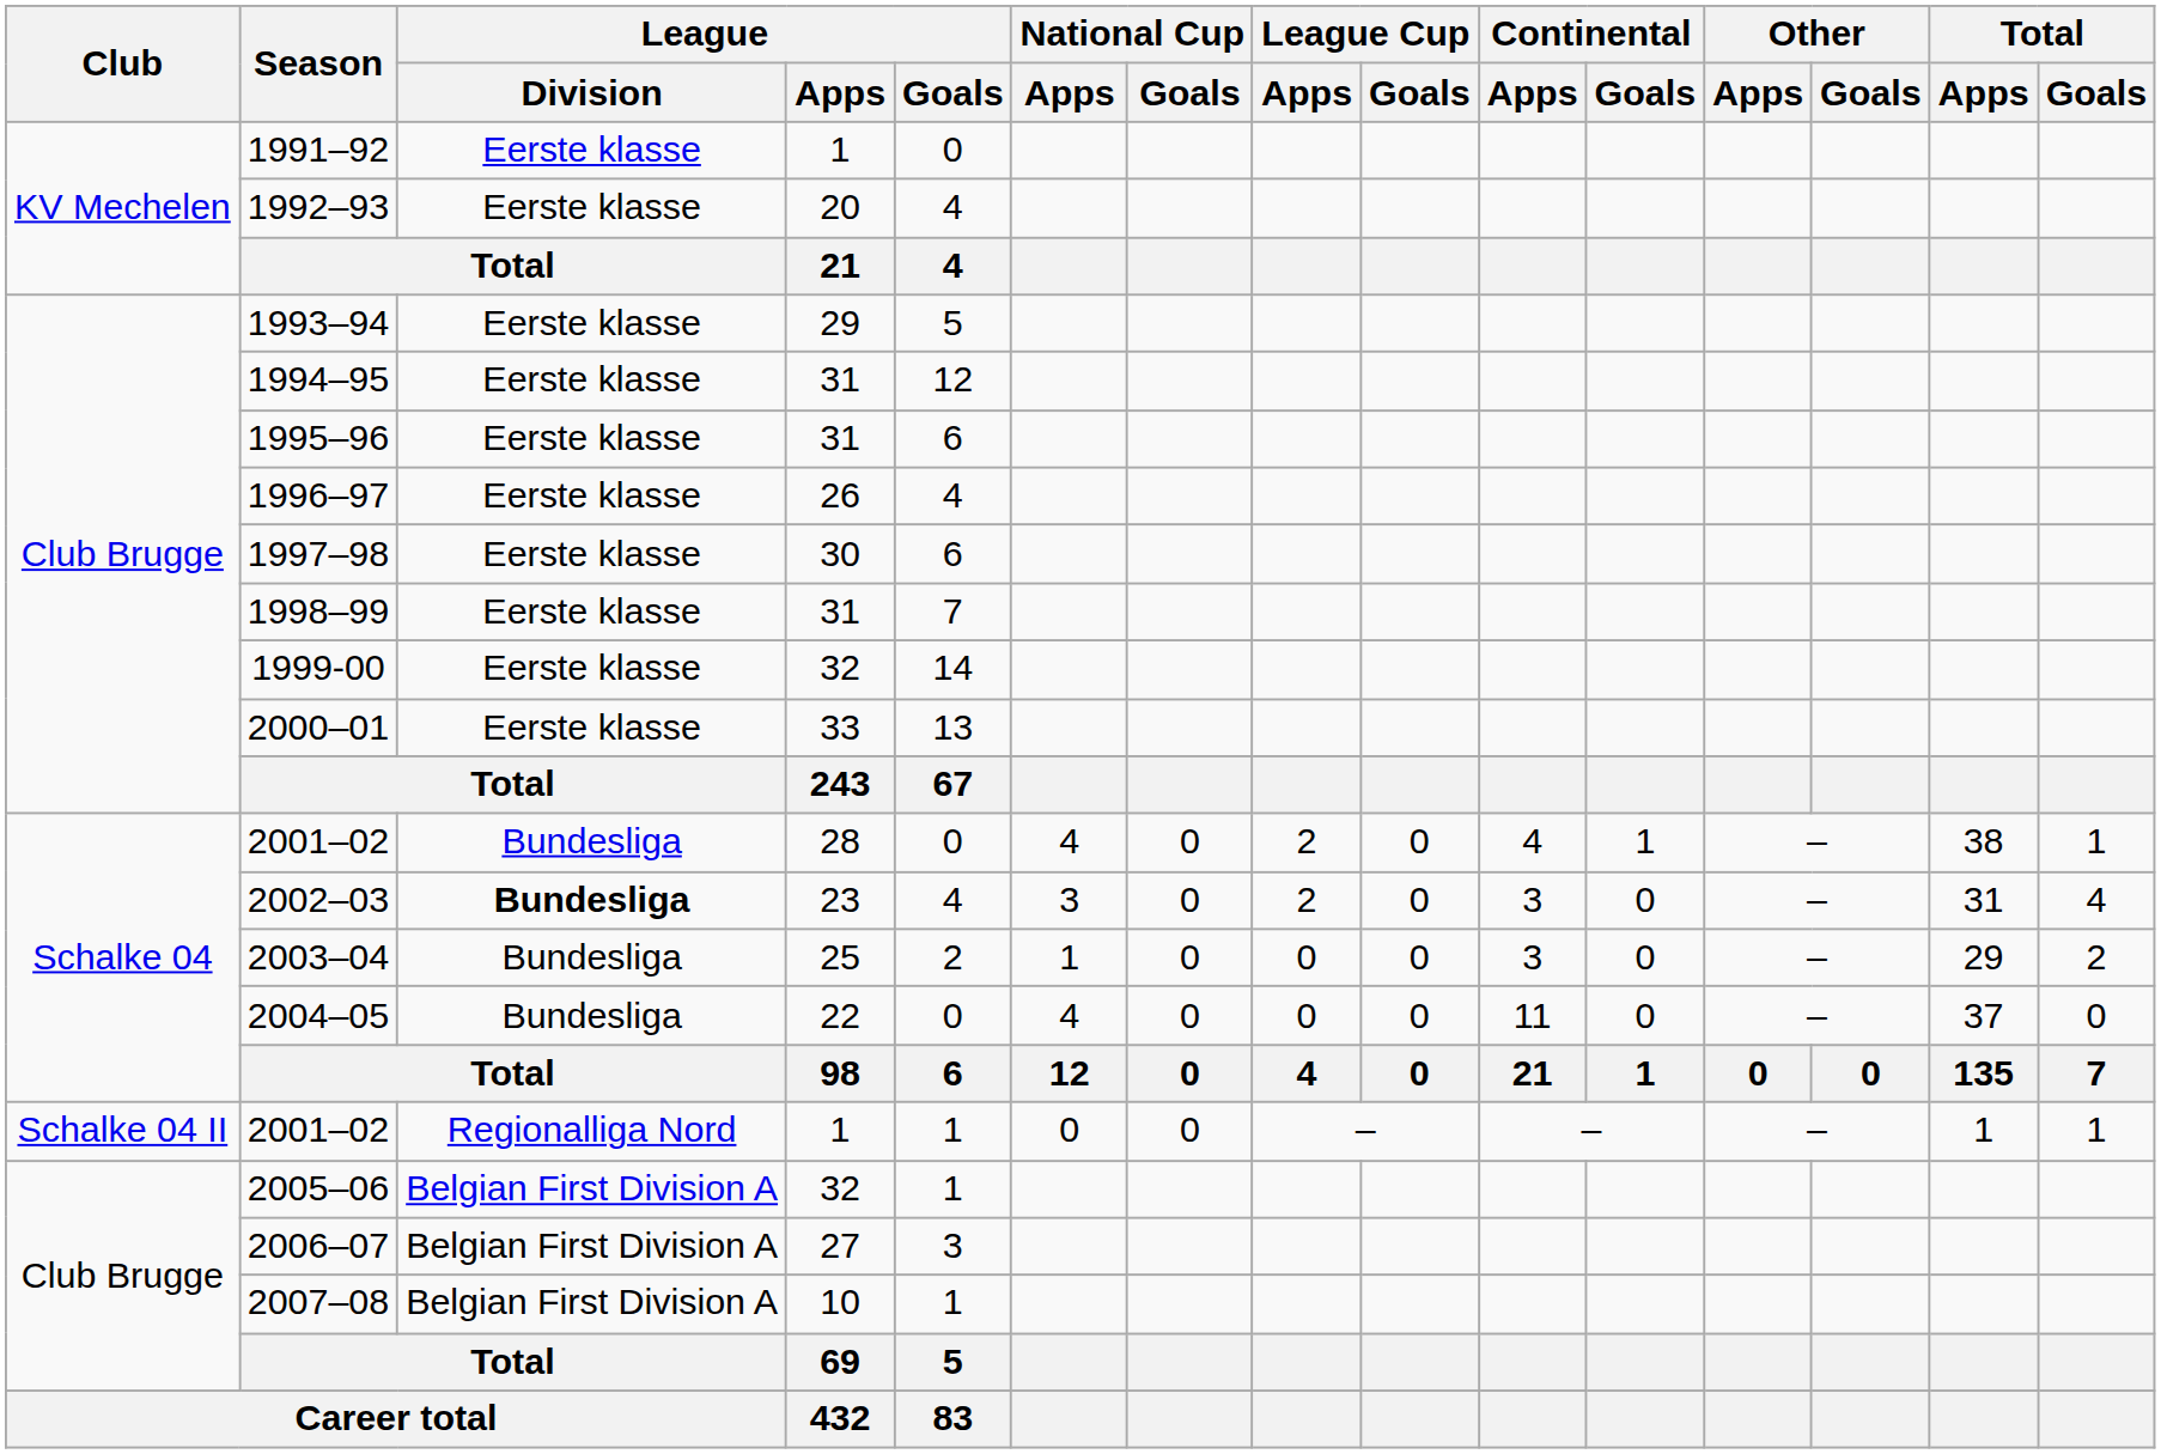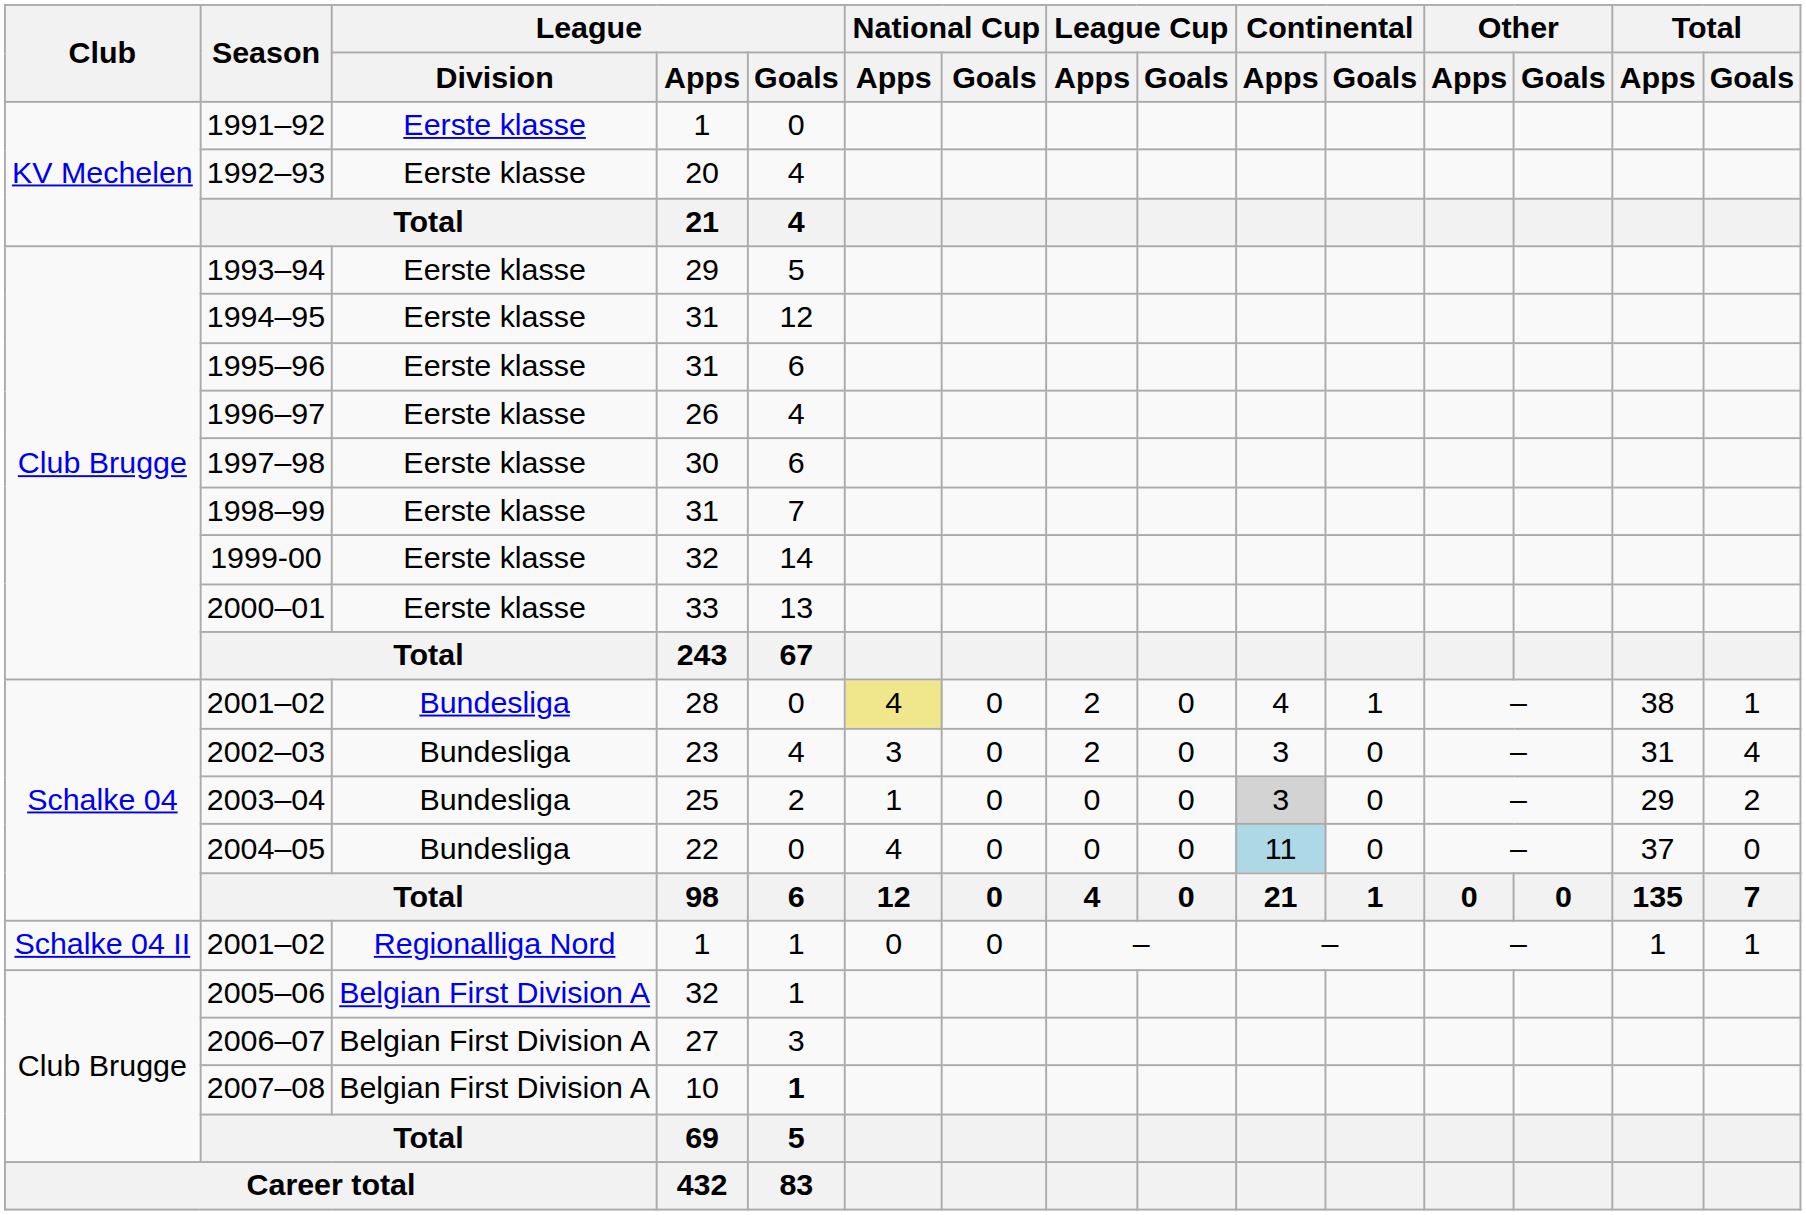 <table class="wikitable" style="text-align:center">
 <tr>
 <th rowspan="2">Club</th>
 <th rowspan="2">Season</th>
 <th colspan="3">League</th>
 <th colspan="2">National Cup</th>
 <th colspan="2">League Cup</th>
 <th colspan="2">Continental</th>
 <th colspan="2">Other</th>
 <th colspan="2">Total</th>
 </tr>
 <tr>
 <th>Division</th>
 <th>Apps</th>
 <th>Goals</th>
 <th>Apps</th>
 <th>Goals</th>
 <th>Apps</th>
 <th>Goals</th>
 <th>Apps</th>
 <th>Goals</th>
 <th>Apps</th>
 <th>Goals</th>
 <th>Apps</th>
 <th>Goals</th>
 </tr>
 <tr>
 <td rowspan="3"><a href='#'>KV Mechelen</a></td>
 <td>1991–92</td>
 <td><a href='#'>Eerste klasse</a></td>
 <td>1</td>
 <td>0</td>
 <td></td>
 <td></td>
 <td></td>
 <td></td>
 <td></td>
 <td></td>
 <td></td>
 <td></td>
 <td></td>
 <td></td>
 </tr>
 <tr>
 <td>1992–93</td>
 <td>Eerste klasse</td>
 <td>20</td>
 <td>4</td>
 <td></td>
 <td></td>
 <td></td>
 <td></td>
 <td></td>
 <td></td>
 <td></td>
 <td></td>
 <td></td>
 <td></td>
 </tr>
 <tr>
 <th colspan="2">Total</th>
 <th>21</th>
 <th>4</th>
 <th></th>
 <th></th>
 <th></th>
 <th></th>
 <th></th>
 <th></th>
 <th></th>
 <th></th>
 <th></th>
 <th></th>
 </tr>
 <tr>
 <td rowspan="9"><a href='#'>Club Brugge</a></td>
 <td>1993–94</td>
 <td>Eerste klasse</td>
 <td>29</td>
 <td>5</td>
 <td></td>
 <td></td>
 <td></td>
 <td></td>
 <td></td>
 <td></td>
 <td></td>
 <td></td>
 <td></td>
 <td></td>
 </tr>
 <tr>
 <td>1994–95</td>
 <td>Eerste klasse</td>
 <td>31</td>
 <td>12</td>
 <td></td>
 <td></td>
 <td></td>
 <td></td>
 <td></td>
 <td></td>
 <td></td>
 <td></td>
 <td></td>
 <td></td>
 </tr>
 <tr>
 <td>1995–96</td>
 <td>Eerste klasse</td>
 <td>31</td>
 <td>6</td>
 <td></td>
 <td></td>
 <td></td>
 <td></td>
 <td></td>
 <td></td>
 <td></td>
 <td></td>
 <td></td>
 <td></td>
 </tr>
 <tr>
 <td>1996–97</td>
 <td>Eerste klasse</td>
 <td>26</td>
 <td>4</td>
 <td></td>
 <td></td>
 <td></td>
 <td></td>
 <td></td>
 <td></td>
 <td></td>
 <td></td>
 <td></td>
 <td></td>
 </tr>
 <tr>
 <td>1997–98</td>
 <td>Eerste klasse</td>
 <td>30</td>
 <td>6</td>
 <td></td>
 <td></td>
 <td></td>
 <td></td>
 <td></td>
 <td></td>
 <td></td>
 <td></td>
 <td></td>
 <td></td>
 </tr>
 <tr>
 <td>1998–99</td>
 <td>Eerste klasse</td>
 <td>31</td>
 <td>7</td>
 <td></td>
 <td></td>
 <td></td>
 <td></td>
 <td></td>
 <td></td>
 <td></td>
 <td></td>
 <td></td>
 <td></td>
 </tr>
 <tr>
 <td>1999-00</td>
 <td>Eerste klasse</td>
 <td>32</td>
 <td>14</td>
 <td></td>
 <td></td>
 <td></td>
 <td></td>
 <td></td>
 <td></td>
 <td></td>
 <td></td>
 <td></td>
 <td></td>
 </tr>
 <tr>
 <td>2000–01</td>
 <td>Eerste klasse</td>
 <td>33</td>
 <td>13</td>
 <td></td>
 <td></td>
 <td></td>
 <td></td>
 <td></td>
 <td></td>
 <td></td>
 <td></td>
 <td></td>
 <td></td>
 </tr>
 <tr>
 <th colspan="2">Total</th>
 <th>243</th>
 <th>67</th>
 <th></th>
 <th></th>
 <th></th>
 <th></th>
 <th></th>
 <th></th>
 <th></th>
 <th></th>
 <th></th>
 <th></th>
 </tr>
 <tr>
 <td rowspan="5"><a href='#'>Schalke 04</a></td>
 <td>2001–02</td>
 <td><a href='#'>Bundesliga</a></td>
 <td>28</td>
 <td>0</td>
-<td>4</td>
+<td style="background: khaki;">4</td>
 <td>0</td>
 <td>2</td>
 <td>0</td>
 <td>4</td>
 <td>1</td>
 <td colspan="2">–</td>
 <td>38</td>
 <td>1</td>
 </tr>
 <tr>
 <td>2002–03</td>
-<td><strong>Bundesliga</strong></td>
+<td>Bundesliga</td>
 <td>23</td>
 <td>4</td>
 <td>3</td>
 <td>0</td>
 <td>2</td>
 <td>0</td>
 <td>3</td>
 <td>0</td>
 <td colspan="2">–</td>
 <td>31</td>
 <td>4</td>
 </tr>
 <tr>
 <td>2003–04</td>
 <td>Bundesliga</td>
 <td>25</td>
 <td>2</td>
 <td>1</td>
 <td>0</td>
 <td>0</td>
 <td>0</td>
-<td>3</td>
+<td style="background: lightgrey;">3</td>
 <td>0</td>
 <td colspan="2">–</td>
 <td>29</td>
 <td>2</td>
 </tr>
 <tr>
 <td>2004–05</td>
 <td>Bundesliga</td>
 <td>22</td>
 <td>0</td>
 <td>4</td>
 <td>0</td>
 <td>0</td>
 <td>0</td>
-<td>11</td>
+<td style="background: lightblue;">11</td>
 <td>0</td>
 <td colspan="2">–</td>
 <td>37</td>
 <td>0</td>
 </tr>
 <tr>
 <th colspan="2">Total</th>
 <th>98</th>
 <th>6</th>
 <th>12</th>
 <th>0</th>
 <th>4</th>
 <th>0</th>
 <th>21</th>
 <th>1</th>
 <th>0</th>
 <th>0</th>
 <th>135</th>
 <th>7</th>
 </tr>
 <tr>
 <td><a href='#'>Schalke 04 II</a></td>
 <td>2001–02</td>
 <td><a href='#'>Regionalliga Nord</a></td>
 <td>1</td>
 <td>1</td>
 <td>0</td>
 <td>0</td>
 <td colspan="2">–</td>
 <td colspan="2">–</td>
 <td colspan="2">–</td>
 <td>1</td>
 <td>1</td>
 </tr>
 <tr>
 <td rowspan="4">Club Brugge</td>
 <td>2005–06</td>
 <td><a href='#'>Belgian First Division A</a></td>
 <td>32</td>
 <td>1</td>
 <td></td>
 <td></td>
 <td></td>
 <td></td>
 <td></td>
 <td></td>
 <td></td>
 <td></td>
 <td></td>
 <td></td>
 </tr>
 <tr>
 <td>2006–07</td>
 <td>Belgian First Division A</td>
 <td>27</td>
 <td>3</td>
 <td></td>
 <td></td>
 <td></td>
 <td></td>
 <td></td>
 <td></td>
 <td></td>
 <td></td>
 <td></td>
 <td></td>
 </tr>
 <tr>
 <td>2007–08</td>
 <td>Belgian First Division A</td>
 <td>10</td>
-<td>1</td>
+<td><strong>1</strong></td>
 <td></td>
 <td></td>
 <td></td>
 <td></td>
 <td></td>
 <td></td>
 <td></td>
 <td></td>
 <td></td>
 <td></td>
 </tr>
 <tr>
 <th colspan="2">Total</th>
 <th>69</th>
 <th>5</th>
 <th></th>
 <th></th>
 <th></th>
 <th></th>
 <th></th>
 <th></th>
 <th></th>
 <th></th>
 <th></th>
 <th></th>
 </tr>
 <tr>
 <th colspan="3">Career total</th>
 <th>432</th>
 <th>83</th>
 <th></th>
 <th></th>
 <th></th>
 <th></th>
 <th></th>
 <th></th>
 <th></th>
 <th></th>
 <th></th>
 <th></th>
 </tr>
 </table>
